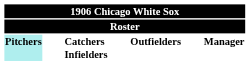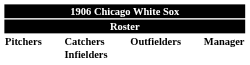 <table class="toccolours" style="font-size: 95%;">
 <tr>
 <th colspan="10" style="background-color: black; color: white; text-align: center;">1906 Chicago White Sox</th>
 </tr>
 <tr>
 <td colspan="10" style="background-color: black; color: white; text-align: center;"><strong>Roster</strong></td>
 </tr>
 <tr>
-<td valign="top" style="background: paleturquoise;"><strong>Pitchers</strong><br>      </td>
+<td valign="top"><strong>Pitchers</strong><br>      </td>
 <td width="25px"></td>
 <td valign="top"><strong>Catchers</strong><br>     <strong>Infielders</strong>       </td>
 <td width="25px"></td>
 <td valign="top"><strong>Outfielders</strong><br>     </td>
 <td width="25px"></td>
 <td valign="top"><strong>Manager</strong><br></td>
 </tr>
 </table>
